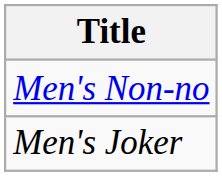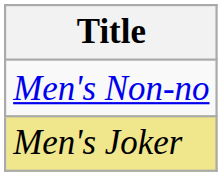 <table class="wikitable">
 <tr>
 <th>Title</th>
 </tr>
 <tr>
 <td><em><a href='#'>Men's Non-no</a></em></td>
 </tr>
 <tr>
-<td><em>Men's Joker</em></td>
+<td style="background: khaki;"><em>Men's Joker</em></td>
 </tr>
 </table>
